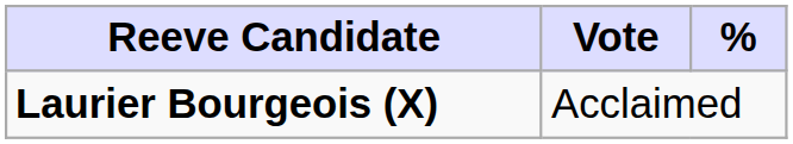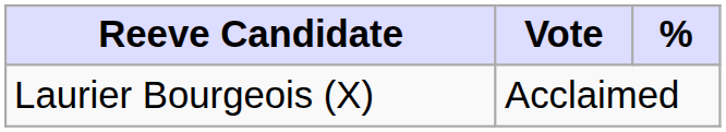 <table class="wikitable">
 <tr>
 <th style="background:#ddf; width:200px;">Reeve Candidate</th>
 <th style="background:#ddf; width:50px;">Vote</th>
 <th style="background:#ddf; width:30px;">%</th>
 </tr>
 <tr>
-<td><strong>Laurier Bourgeois (X)</strong></td>
+<td>Laurier Bourgeois (X)</td>
 <td colspan="2">Acclaimed</td>
 </tr>
 </table>
